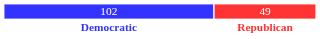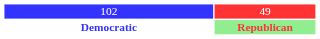 <table style="width:50%">
 <tr>
 <td scope="row" style="background:#33F; width:67.5%; text-align:center; color:white">102<br></td>
 <td style="background:#F33; width:32.5%; text-align:center; color:white">49</td>
 </tr>
 <tr>
 <td scope="row" style="text-align:center; color:#33F"><strong>Democratic</strong><br></td>
-<td style="text-align:center; color:#F33"><strong>Republican</strong></td>
+<td style="background: lightgreen; text-align:center; color:#F33"><strong>Republican</strong></td>
 </tr>
 </table>
